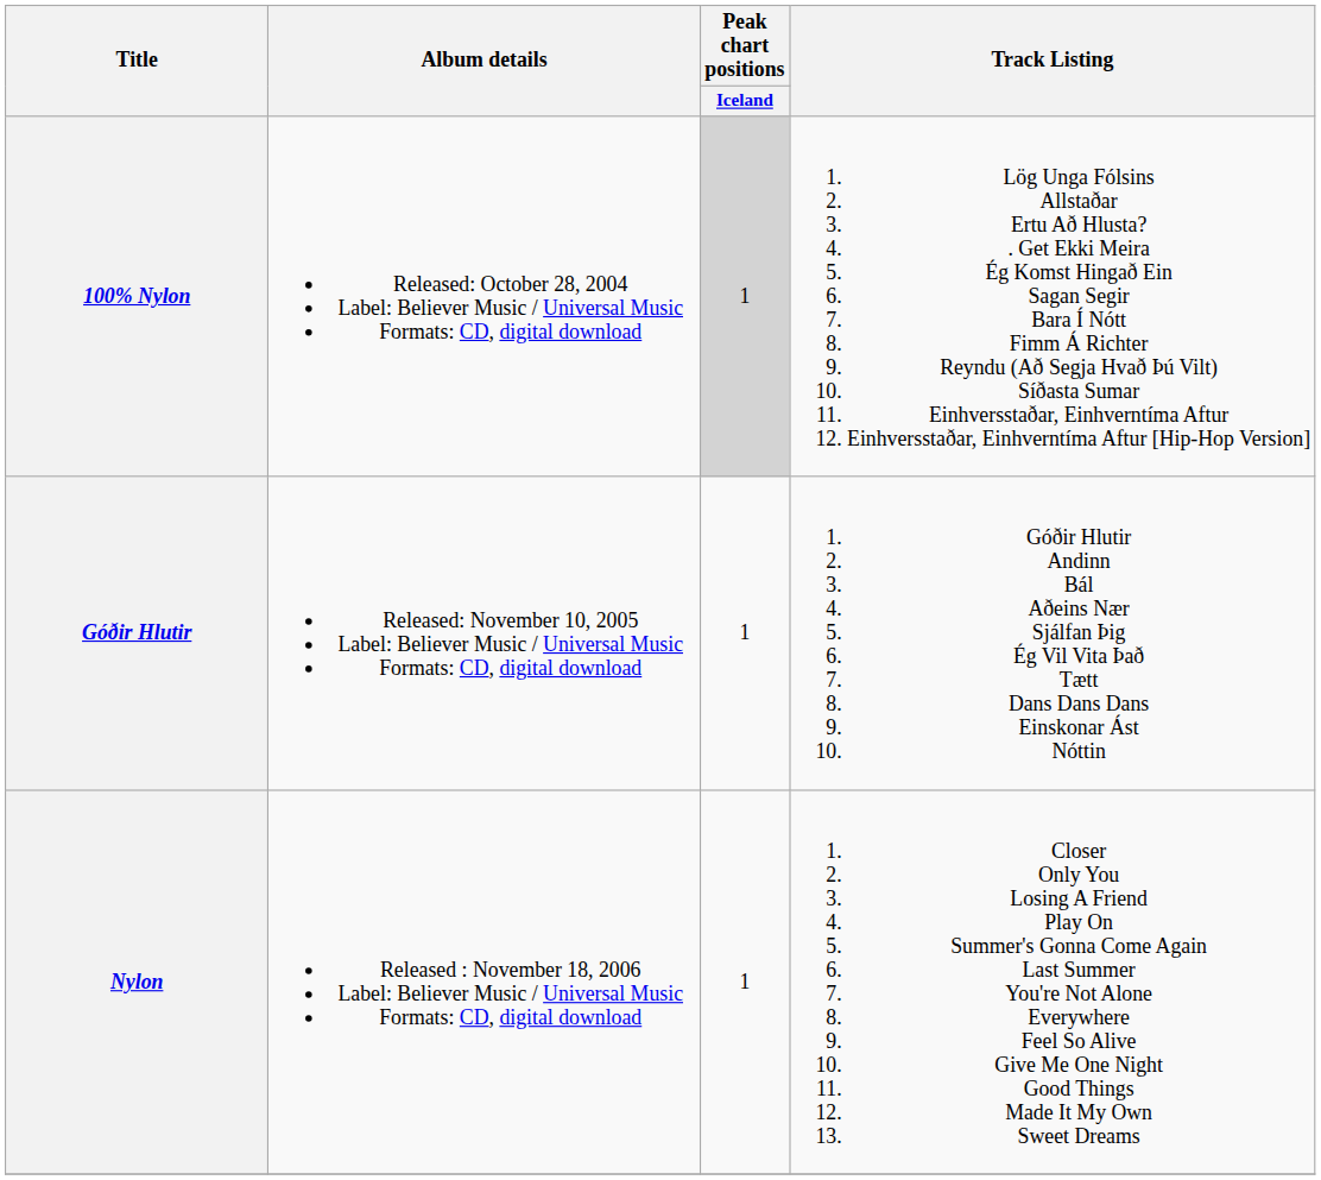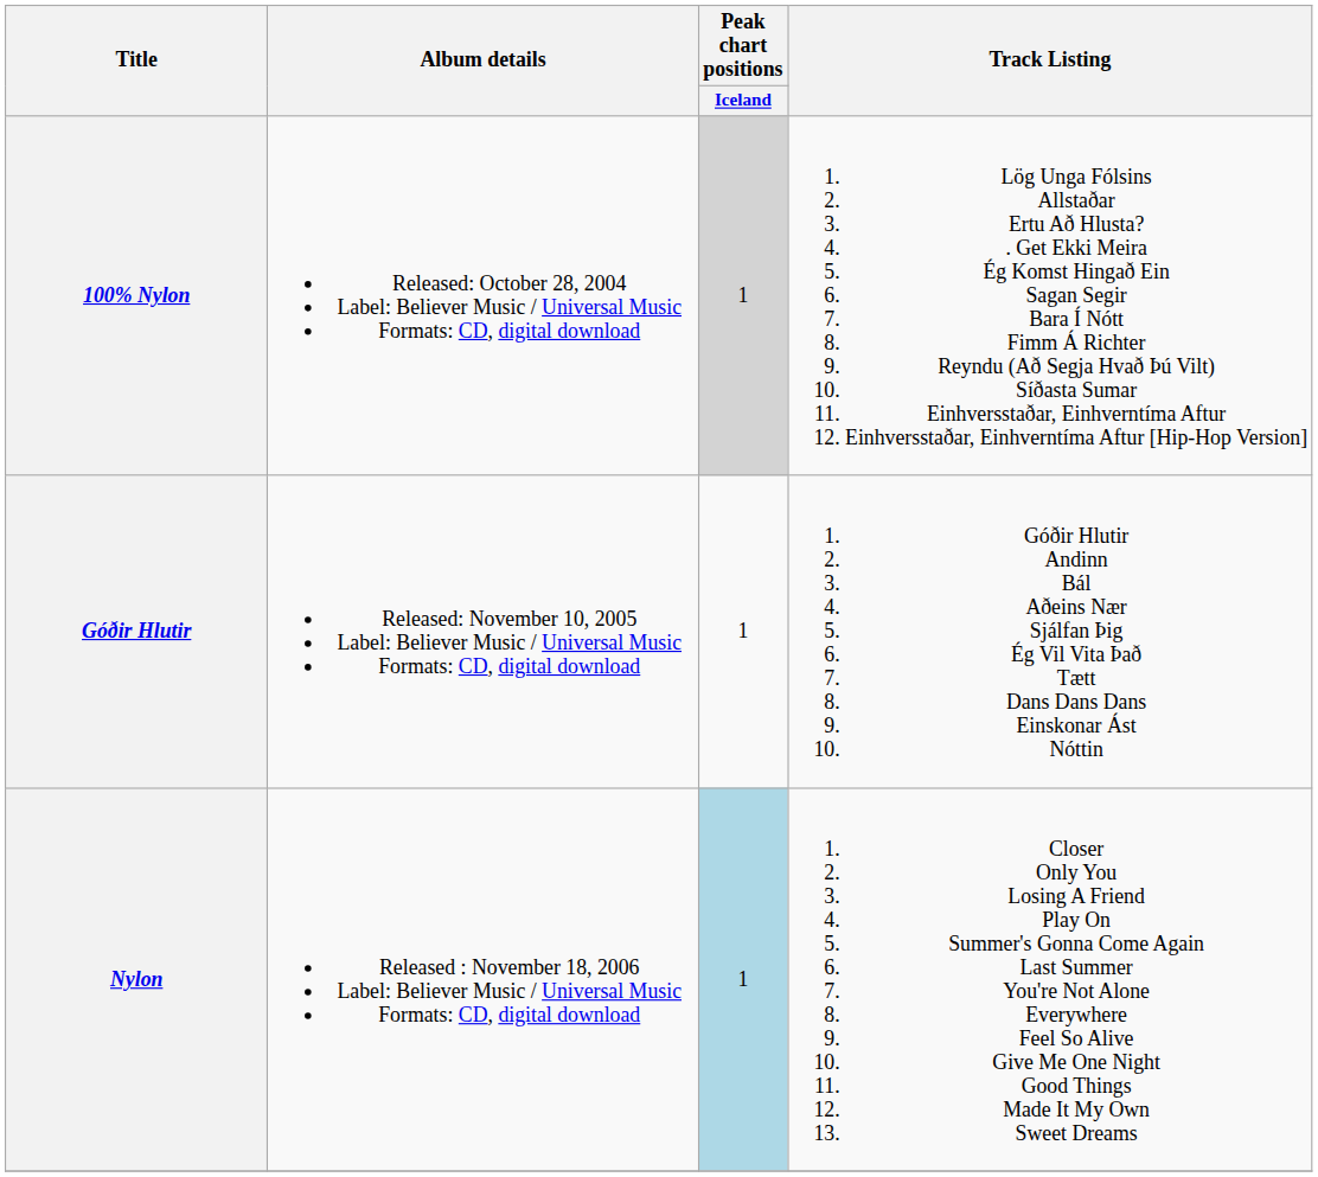 <table class="wikitable plainrowheaders" style="text-align:center;" border="1">
 <tr>
 <th scope="col" rowspan="2" style="width:12em;">Title</th>
 <th scope="col" rowspan="2" style="width:20em;">Album details</th>
 <th scope="col" colspan="1">Peak chart positions</th>
 <th scope="col" rowspan="2">Track Listing</th>
 </tr>
 <tr>
 <th scope="col" style="width:4em;font-size:85%;"><a href='#'>Iceland</a></th>
 </tr>
 <tr>
 <th scope="row"><strong><em><a href='#'>100% Nylon</a></em></strong></th>
 <td><br><ul><li>Released: October 28, 2004</li><li>Label: Believer Music / <a href='#'>Universal Music</a></li><li>Formats: <a href='#'>CD</a>, <a href='#'>digital download</a></li></ul></td>
 <td style="background: lightgrey;">1</td>
 <td><br><ol><li>Lög Unga Fólsins</li><li>Allstaðar</li><li>Ertu Að Hlusta?</li><li>. Get Ekki Meira</li><li>Ég Komst Hingað Ein</li><li>Sagan Segir</li><li>Bara Í Nótt</li><li>Fimm Á Richter</li><li>Reyndu (Að Segja Hvað Þú Vilt)</li><li>Síðasta Sumar</li><li>Einhversstaðar, Einhverntíma Aftur</li><li>Einhversstaðar, Einhverntíma Aftur [Hip-Hop Version]</li></ol></td>
 </tr>
 <tr>
 <th scope="row"><strong><em><a href='#'>Góðir Hlutir</a></em></strong></th>
 <td><br><ul><li>Released: November 10, 2005</li><li>Label: Believer Music / <a href='#'>Universal Music</a></li><li>Formats: <a href='#'>CD</a>, <a href='#'>digital download</a></li></ul></td>
 <td>1</td>
 <td><br><ol><li>Góðir Hlutir</li><li>Andinn</li><li>Bál</li><li>Aðeins Nær</li><li>Sjálfan Þig</li><li>Ég Vil Vita Það</li><li>Tætt</li><li>Dans Dans Dans</li><li>Einskonar Ást</li><li>Nóttin</li></ol></td>
 </tr>
 <tr>
 <th scope="row"><strong><em><a href='#'>Nylon</a></em></strong></th>
 <td><br><ul><li>Released : November 18, 2006</li><li>Label: Believer Music / <a href='#'>Universal Music</a></li><li>Formats: <a href='#'>CD</a>, <a href='#'>digital download</a></li></ul></td>
-<td>1</td>
+<td style="background: lightblue;">1</td>
 <td><br><ol><li>Closer</li><li>Only You</li><li>Losing A Friend</li><li>Play On</li><li>Summer's Gonna Come Again</li><li>Last Summer</li><li>You're Not Alone</li><li>Everywhere</li><li>Feel So Alive</li><li>Give Me One Night</li><li>Good Things</li><li>Made It My Own</li><li>Sweet Dreams</li></ol></td>
 </tr>
 <tr>
 </tr>
 </table>
